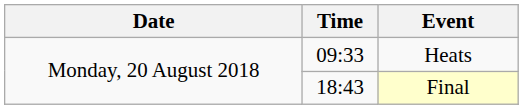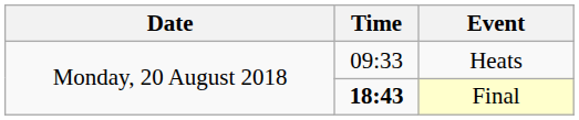 <table class = "wikitable" style="text-align:center;">
 <tr>
 <th width=220>Date</th>
 <th width=50>Time</th>
 <th width=100>Event</th>
 </tr>
 <tr>
 <td rowspan=2>Monday, 20 August 2018</td>
 <td>09:33</td>
 <td>Heats</td>
 </tr>
 <tr>
-<td>18:43</td>
+<td><strong>18:43</strong></td>
 <td bgcolor=ffffcc>Final</td>
 </tr>
 </table>
